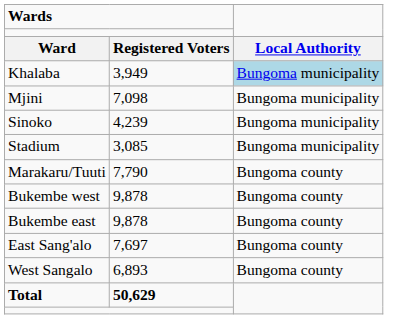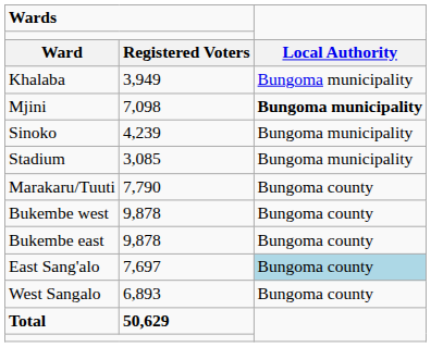 <table class="wikitable">
 <tr>
 <td colspan="2"><strong>Wards</strong></td>
 </tr>
 <tr>
 <td colspan="2"></td>
 </tr>
 <tr>
 <th>Ward</th>
 <th>Registered Voters</th>
 <th><a href='#'>Local Authority</a></th>
 </tr>
 <tr>
 <td>Khalaba</td>
 <td>3,949</td>
-<td style="background: lightblue;"><a href='#'>Bungoma</a> municipality</td>
+<td><a href='#'>Bungoma</a> municipality</td>
 </tr>
 <tr>
 <td>Mjini</td>
 <td>7,098</td>
-<td>Bungoma municipality</td>
+<td><strong>Bungoma municipality</strong></td>
 </tr>
 <tr>
 <td>Sinoko</td>
 <td>4,239</td>
 <td>Bungoma municipality</td>
 </tr>
 <tr>
 <td>Stadium</td>
 <td>3,085</td>
 <td>Bungoma municipality</td>
 </tr>
 <tr>
 <td>Marakaru/Tuuti</td>
 <td>7,790</td>
 <td>Bungoma county</td>
 </tr>
 <tr>
 <td>Bukembe west</td>
 <td>9,878</td>
 <td>Bungoma county</td>
 </tr>
 <tr>
 <td>Bukembe east</td>
 <td>9,878</td>
 <td>Bungoma county</td>
 </tr>
 <tr>
 <td>East Sang'alo</td>
 <td>7,697</td>
-<td>Bungoma county</td>
+<td style="background: lightblue;">Bungoma county</td>
 </tr>
 <tr>
 <td>West Sangalo</td>
 <td>6,893</td>
 <td>Bungoma county</td>
 </tr>
 <tr>
 <td><strong>Total</strong></td>
 <td><strong>50,629</strong></td>
 </tr>
 <tr>
 <td colspan="2"></td>
 </tr>
 </table>
